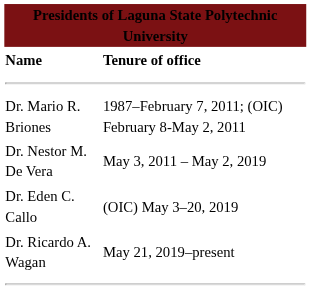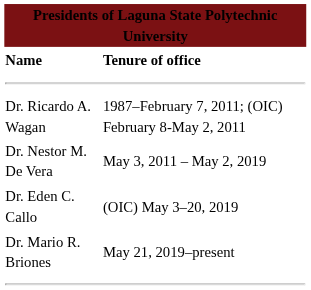 <table class="toccolours" style="float:right; margin-left:1em; font-size:90%; line-height:1.4em; width:300px;">
 <tr>
 <th colspan="2" style="text-align:center; background:#7b1113;"><span><strong>Presidents of Laguna State Polytechnic University</strong></span></th>
 </tr>
 <tr>
 <td><strong>Name</strong></td>
 <td><strong>Tenure of office</strong></td>
 </tr>
 <tr>
 <td colspan="2"><hr></td>
 </tr>
 <tr>
-<td>Dr. Mario R. Briones</td>
+<td>Dr. Ricardo A. Wagan</td>
 <td>1987–February 7, 2011; (OIC) February 8-May 2, 2011</td>
 </tr>
 <tr>
 <td>Dr. Nestor M. De Vera</td>
 <td>May 3, 2011 – May 2, 2019</td>
 </tr>
 <tr>
 <td>Dr. Eden C. Callo</td>
 <td>(OIC) May 3–20, 2019</td>
 </tr>
 <tr>
-<td>Dr. Ricardo A. Wagan</td>
+<td>Dr. Mario R. Briones</td>
 <td>May 21, 2019–present</td>
 </tr>
 <tr>
 <td colspan="2"><hr></td>
 </tr>
 <tr>
 </tr>
 </table>
